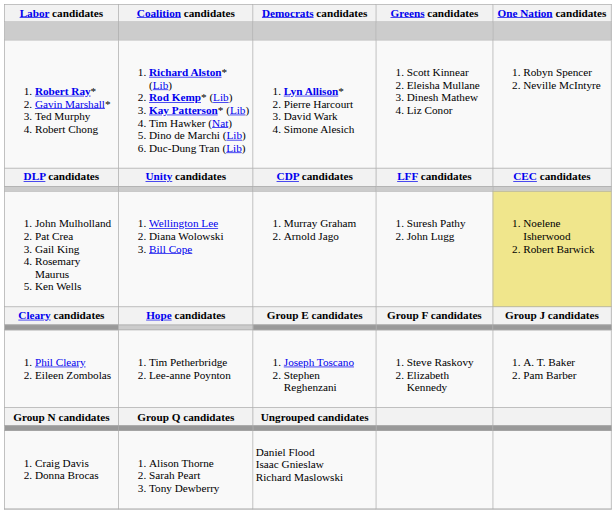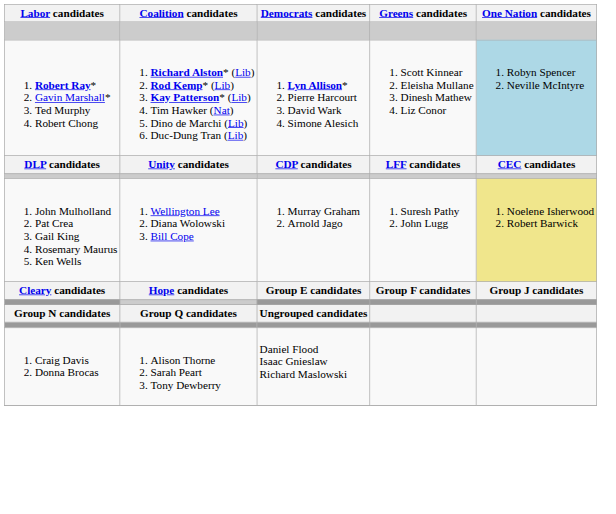 <table class="wikitable">
 <tr>
 <th><a href='#'>Labor</a> candidates</th>
 <th><a href='#'>Coalition</a> candidates</th>
 <th><a href='#'>Democrats</a> candidates</th>
 <th><a href='#'>Greens</a> candidates</th>
 <th><a href='#'>One Nation</a> candidates</th>
 </tr>
 <tr bgcolor="#cccccc">
 <td></td>
 <td></td>
 <td></td>
 <td></td>
 <td> </td>
 </tr>
 <tr>
 <td><br><ol><li><strong><a href='#'>Robert Ray</a></strong>*</li><li><a href='#'>Gavin Marshall</a>*</li><li>Ted Murphy</li><li>Robert Chong</li></ol></td>
 <td><br><ol><li><strong><a href='#'>Richard Alston</a></strong>* (<a href='#'>Lib</a>)</li><li><strong><a href='#'>Rod Kemp</a></strong>* (<a href='#'>Lib</a>)</li><li><strong><a href='#'>Kay Patterson</a></strong>* (<a href='#'>Lib</a>)</li><li>Tim Hawker (<a href='#'>Nat</a>)</li><li>Dino de Marchi (<a href='#'>Lib</a>)</li><li>Duc-Dung Tran (<a href='#'>Lib</a>)</li></ol></td>
 <td><br><ol><li><strong><a href='#'>Lyn Allison</a></strong>*</li><li>Pierre Harcourt</li><li>David Wark</li><li>Simone Alesich</li></ol></td>
 <td valign=top><br><ol><li>Scott Kinnear</li><li>Eleisha Mullane</li><li>Dinesh Mathew</li><li>Liz Conor</li></ol></td>
-<td valign=top><br><ol><li>Robyn Spencer</li><li>Neville McIntyre</li></ol></td>
+<td valign=top style="background: lightblue;"><br><ol><li>Robyn Spencer</li><li>Neville McIntyre</li></ol></td>
 </tr>
 <tr bgcolor="#cccccc">
 <th><a href='#'>DLP</a> candidates</th>
 <th><a href='#'>Unity</a> candidates</th>
 <th><a href='#'>CDP</a> candidates</th>
 <th><a href='#'>LFF</a> candidates</th>
 <th><a href='#'>CEC</a> candidates</th>
 </tr>
 <tr bgcolor="#cccccc">
 <td></td>
 <td></td>
 <td></td>
 <td></td>
 <td></td>
 </tr>
 <tr>
 <td valign=top><br><ol><li>John Mulholland</li><li>Pat Crea</li><li>Gail King</li><li>Rosemary Maurus</li><li>Ken Wells</li></ol></td>
 <td valign=top><br><ol><li><a href='#'>Wellington Lee</a></li><li>Diana Wolowski</li><li><a href='#'>Bill Cope</a></li></ol></td>
 <td valign=top><br><ol><li>Murray Graham</li><li>Arnold Jago</li></ol></td>
 <td valign=top><br><ol><li>Suresh Pathy</li><li>John Lugg</li></ol></td>
 <td valign=top style="background: khaki;"><br><ol><li>Noelene Isherwood</li><li>Robert Barwick</li></ol></td>
 </tr>
 <tr bgcolor="#cccccc">
 <th><a href='#'>Cleary</a> candidates</th>
 <th><a href='#'>Hope</a> candidates</th>
 <th>Group E candidates</th>
 <th>Group F candidates</th>
 <th>Group J candidates</th>
 </tr>
 <tr bgcolor="#cccccc">
 <td bgcolor="#999999"></td>
 <td></td>
 <td bgcolor="#999999"></td>
 <td bgcolor="#999999"></td>
 <td bgcolor="#999999"></td>
 </tr>
-<tr>
-<td valign=top><br><ol><li><a href='#'>Phil Cleary</a></li><li>Eileen Zombolas</li></ol></td>
-<td valign=top><br><ol><li>Tim Petherbridge</li><li>Lee-anne Poynton</li></ol></td>
-<td valign=top><br><ol><li><a href='#'>Joseph Toscano</a></li><li>Stephen Reghenzani</li></ol></td>
-<td valign=top><br><ol><li>Steve Raskovy</li><li>Elizabeth Kennedy</li></ol></td>
-<td valign=top><br><ol><li>A. T. Baker</li><li>Pam Barber</li></ol></td>
-</tr>
 <tr bgcolor="#cccccc">
 <th>Group N candidates</th>
 <th>Group Q candidates</th>
 <th>Ungrouped candidates</th>
 <th></th>
 <th></th>
 </tr>
 <tr bgcolor="#cccccc">
 <td bgcolor="#999999"></td>
 <td bgcolor="#999999"></td>
 <td bgcolor="#999999"></td>
 <td bgcolor="#999999"></td>
 <td bgcolor="#999999"></td>
 </tr>
 <tr>
 <td valign=top><br><ol><li>Craig Davis</li><li>Donna Brocas</li></ol></td>
 <td valign=top><br><ol><li>Alison Thorne</li><li>Sarah Peart</li><li>Tony Dewberry</li></ol></td>
 <td valign=top><br>Daniel Flood<br> Isaac Gnieslaw<br> Richard Maslowski</td>
 <td valign=top></td>
 <td valign=top></td>
 </tr>
 <tr>
 </tr>
 </table>
